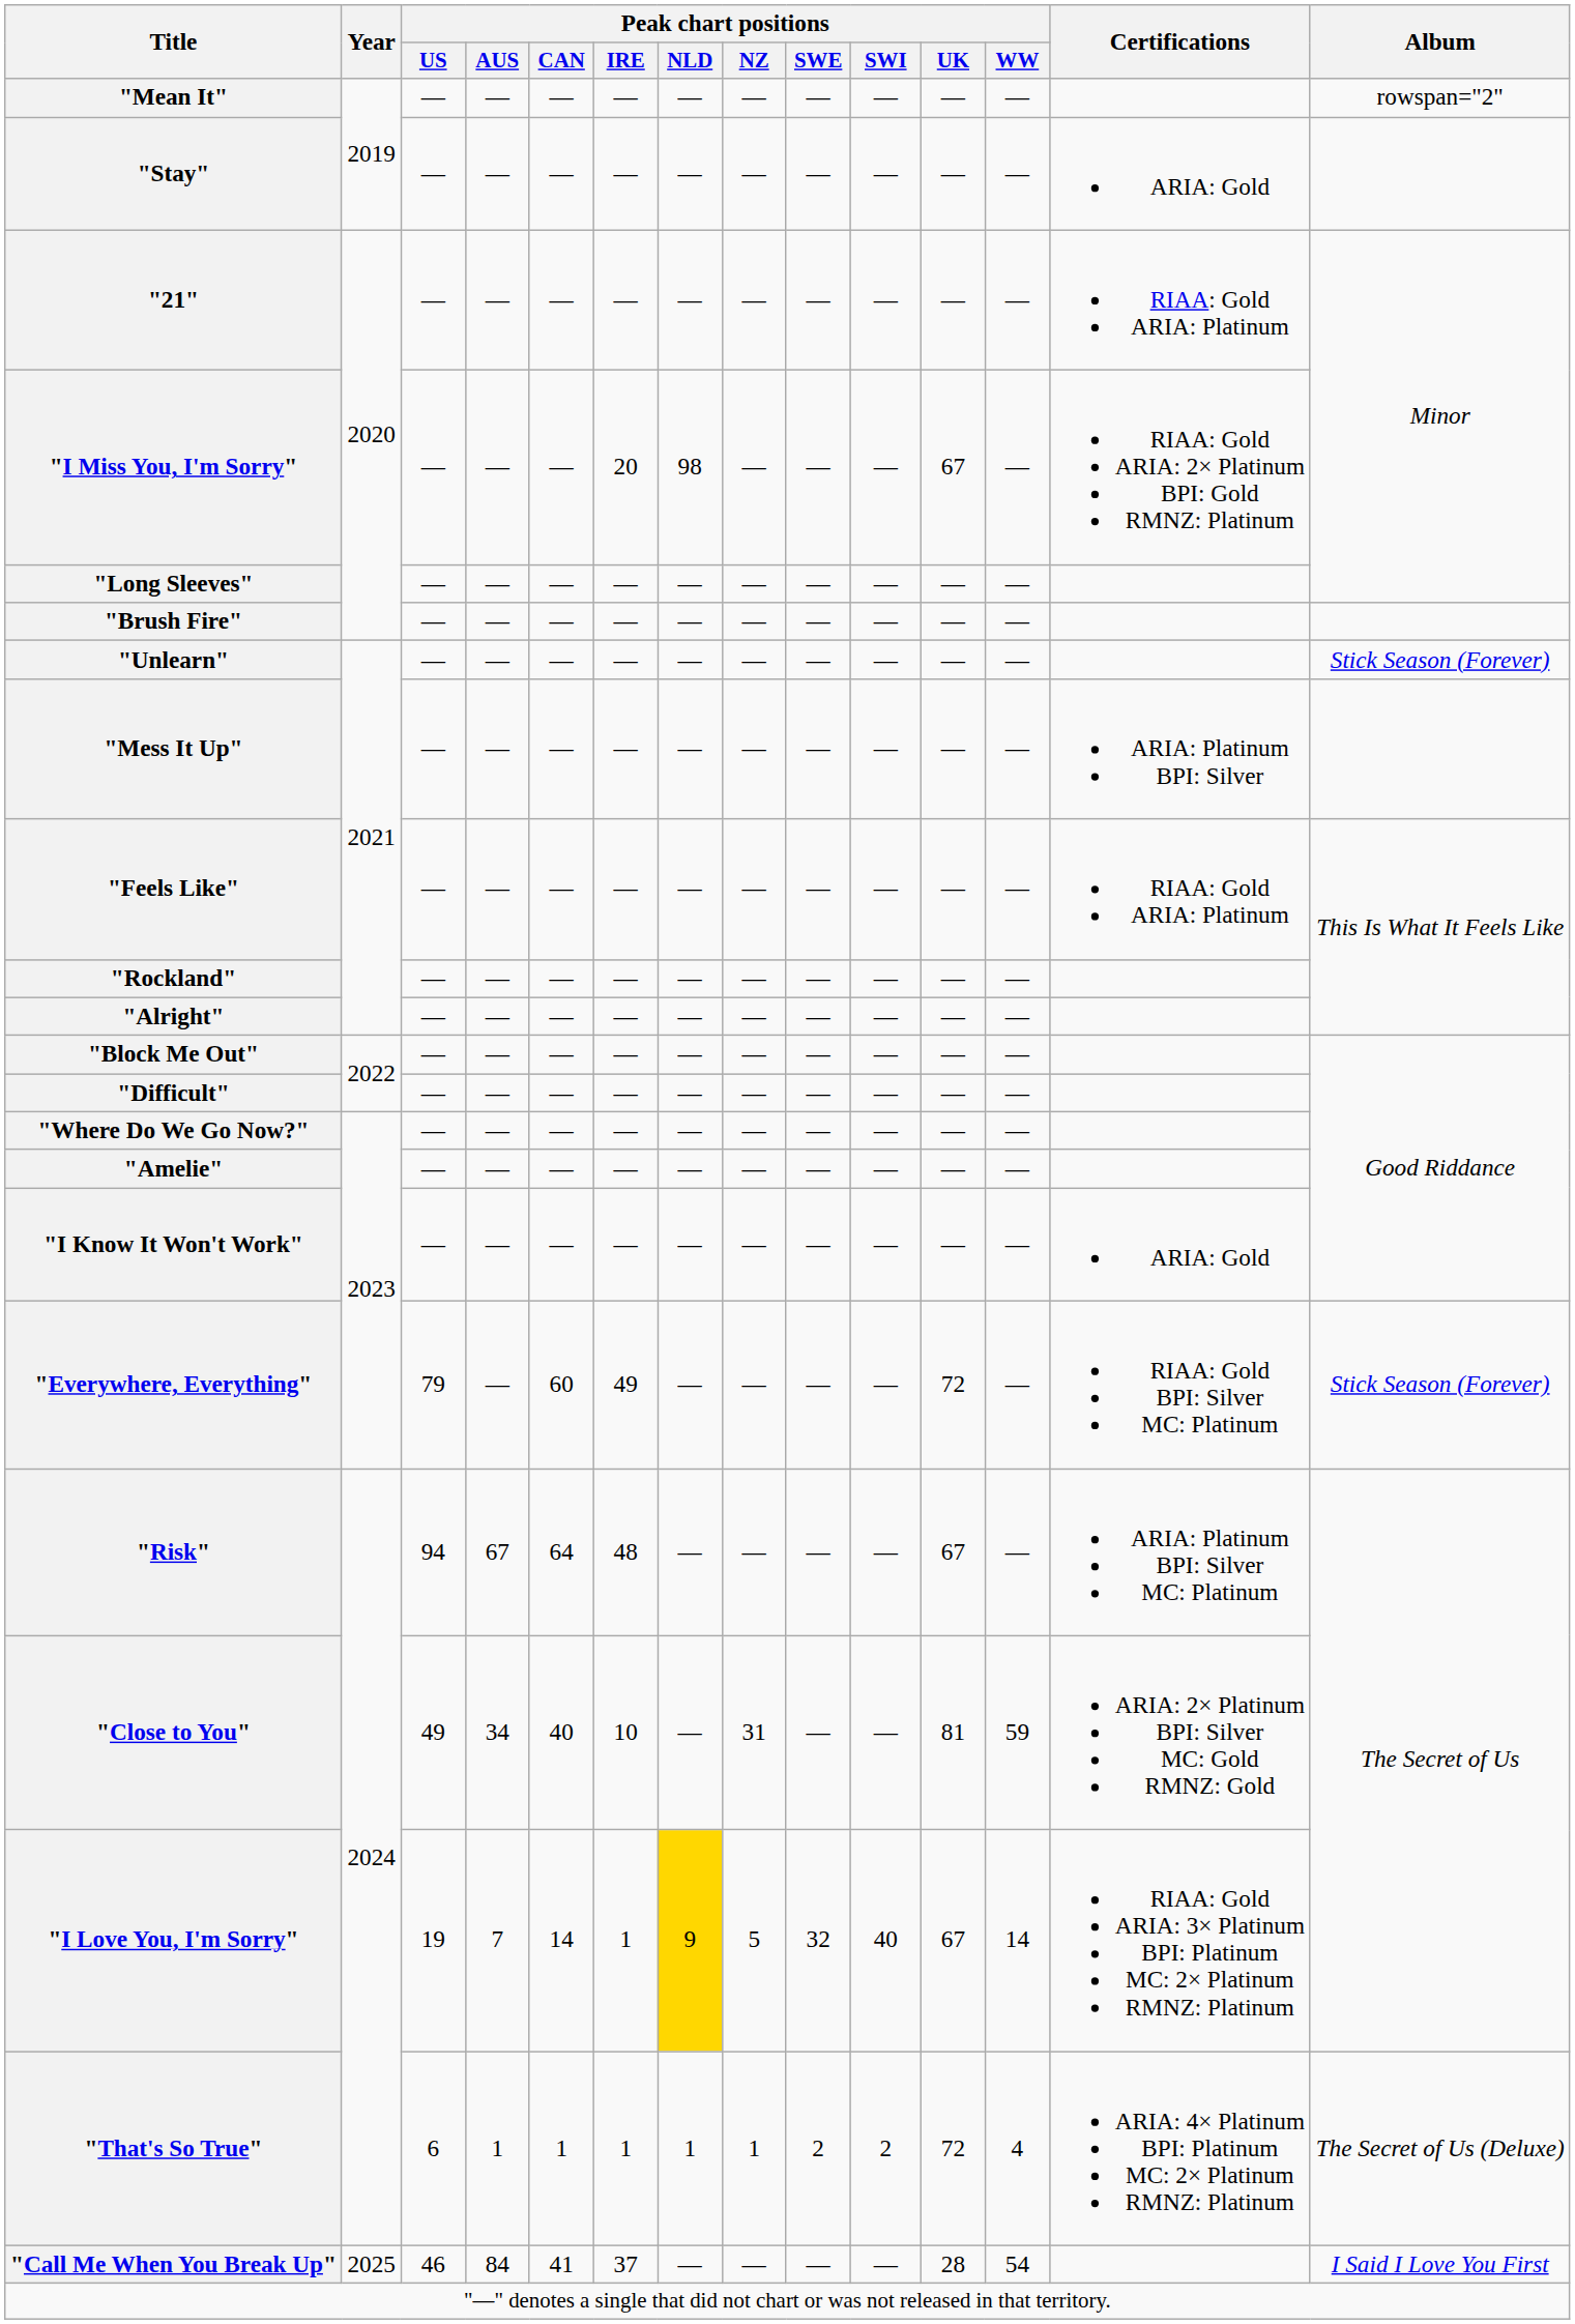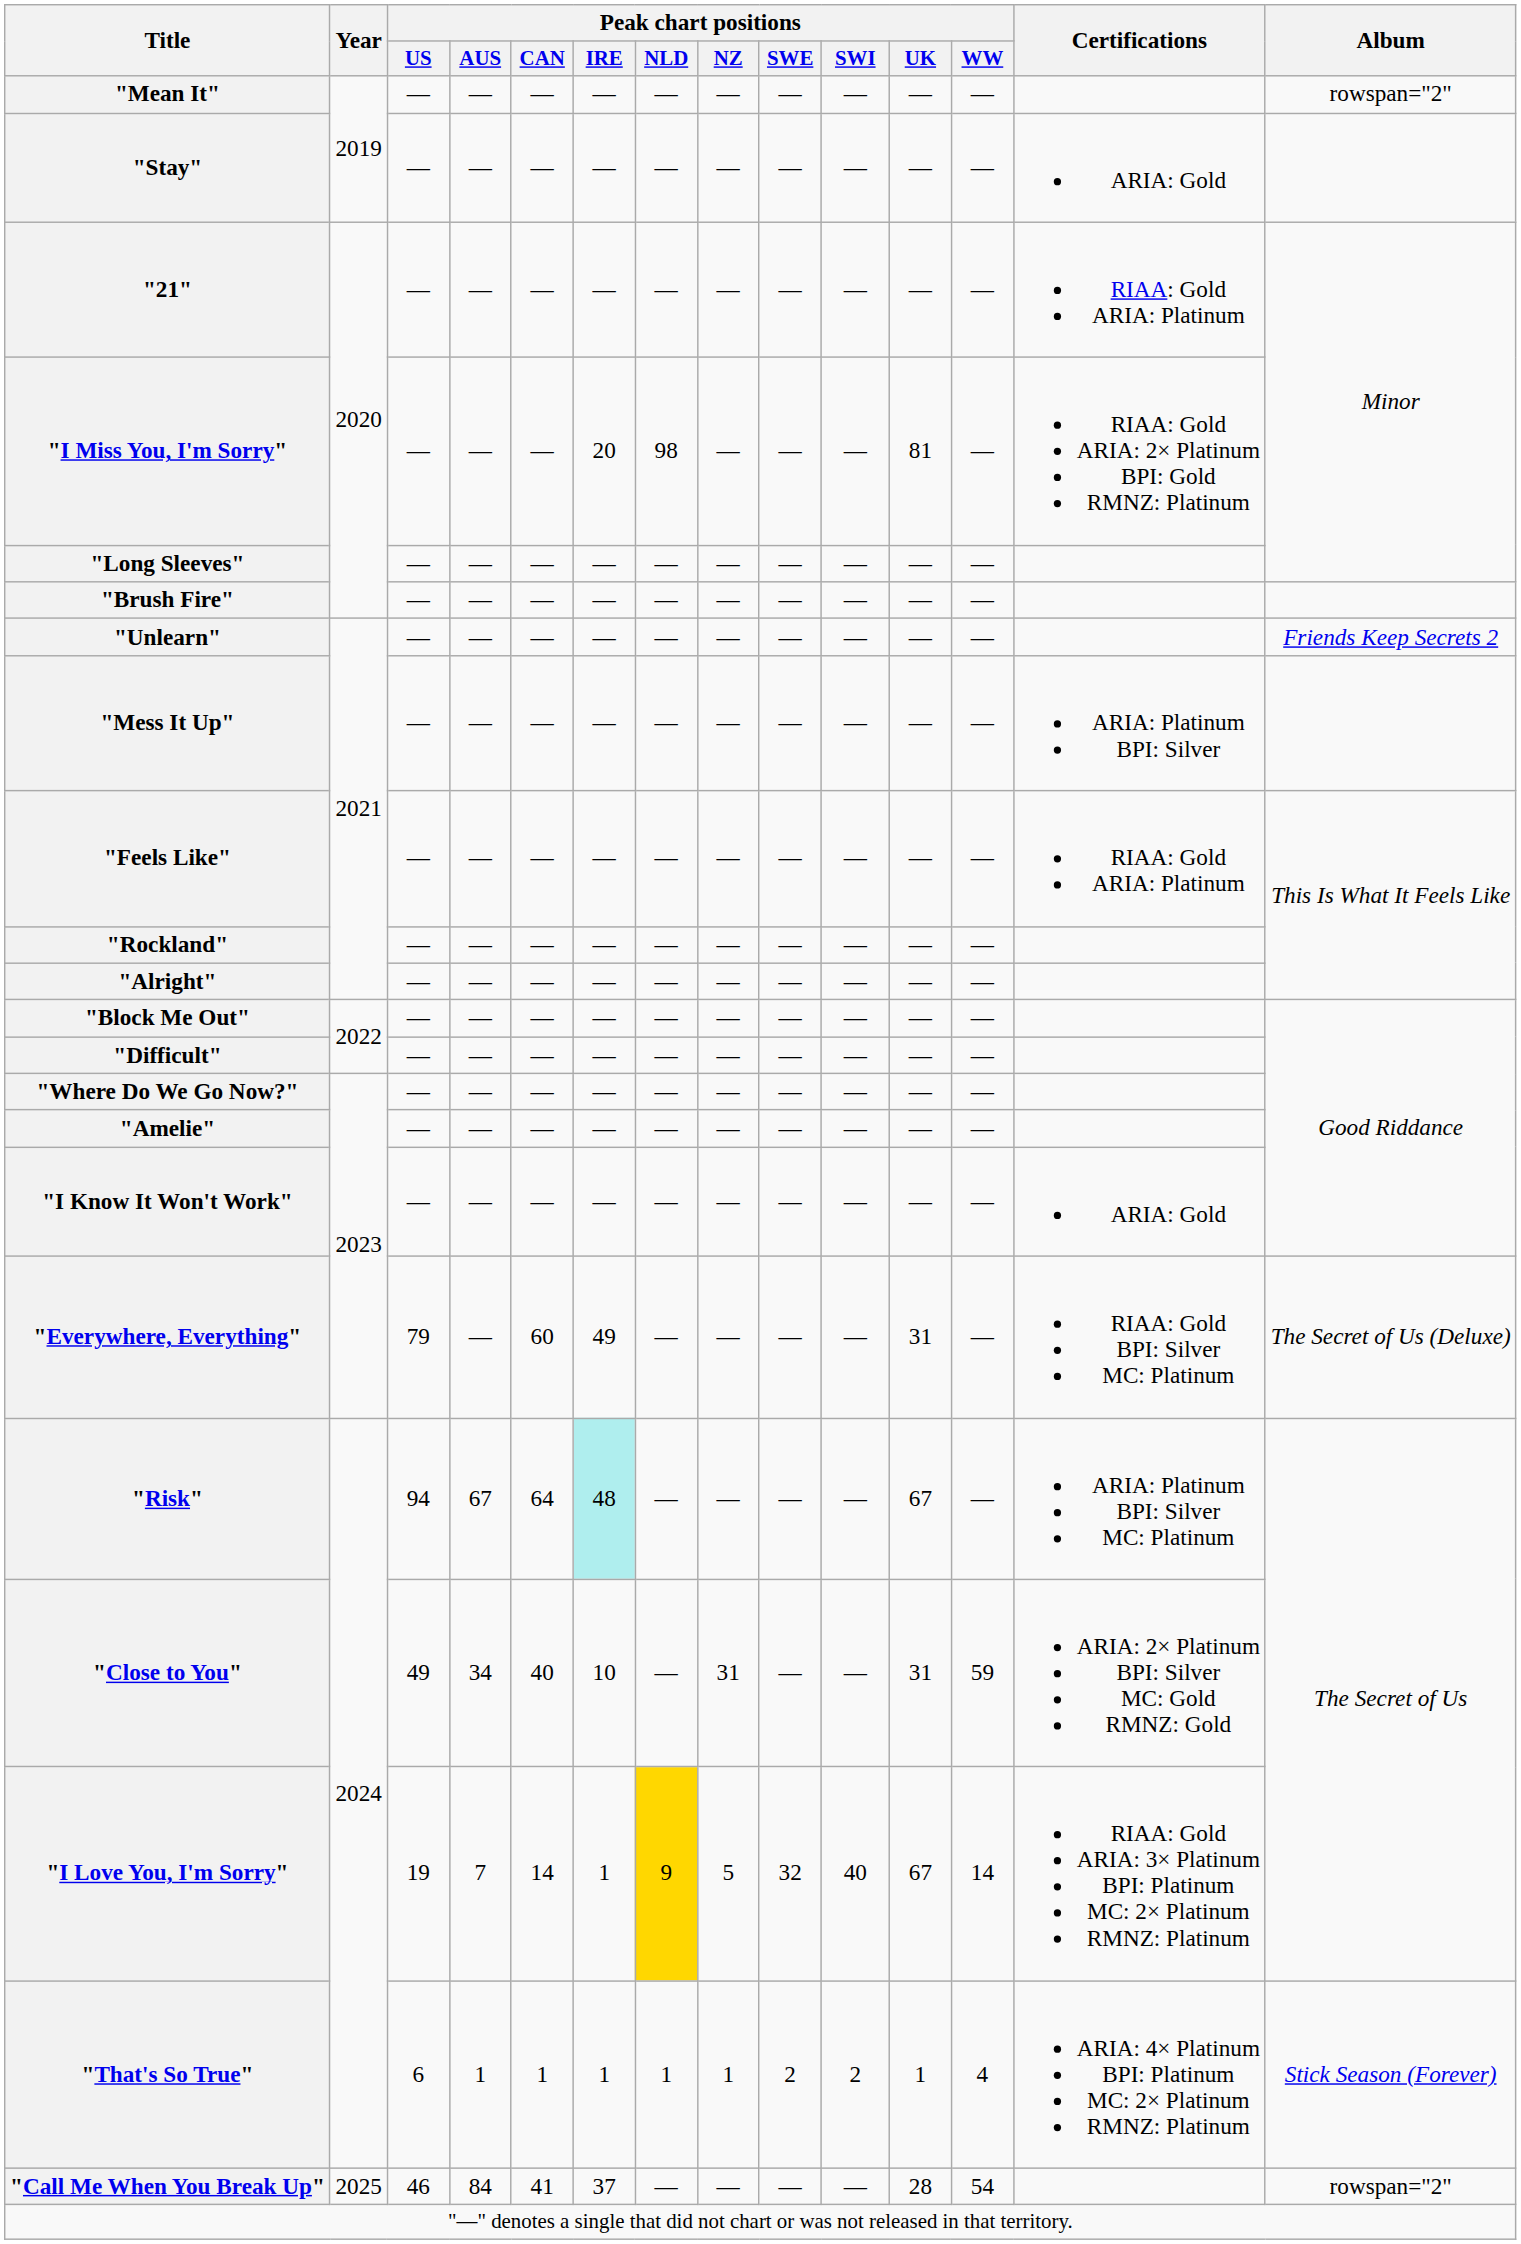 <table class="wikitable plainrowheaders" style="text-align:center">
 <tr>
 <th scope="col" rowspan="2">Title</th>
 <th scope="col" rowspan="2">Year</th>
 <th scope="col" colspan="10">Peak chart positions</th>
 <th scope="col" rowspan="2">Certifications</th>
 <th scope="col" rowspan="2">Album</th>
 </tr>
 <tr>
 <th scope="col" style="width:2.5em;font-size:90%;"><a href='#'>US</a><br></th>
 <th scope="col" style="width:2.5em;font-size:90%;"><a href='#'>AUS</a><br></th>
 <th scope="col" style="width:2.5em;font-size:90%;"><a href='#'>CAN</a><br></th>
 <th scope="col" style="width:2.5em;font-size:90%;"><a href='#'>IRE</a><br></th>
 <th scope="col" style="width:2.5em;font-size:90%;"><a href='#'>NLD</a><br></th>
 <th scope="col" style="width:2.5em;font-size:90%;"><a href='#'>NZ</a><br></th>
 <th scope="col" style="width:2.5em;font-size:90%;"><a href='#'>SWE</a><br></th>
 <th scope="col" style="width:2.8em;font-size:90%;"><a href='#'>SWI</a><br></th>
 <th scope="col" style="width:2.5em;font-size:90%;"><a href='#'>UK</a><br></th>
 <th scope="col" style="width:2.5em;font-size:90%;"><a href='#'>WW</a><br></th>
 </tr>
 <tr>
 <th scope="row">"Mean It"</th>
 <td rowspan="2">2019</td>
 <td>—</td>
 <td>—</td>
 <td>—</td>
 <td>—</td>
 <td>—</td>
 <td>—</td>
 <td>—</td>
 <td>—</td>
 <td>—</td>
 <td>—</td>
 <td></td>
 <td>rowspan="2" </td>
 </tr>
 <tr>
 <th scope="row">"Stay"</th>
 <td>—</td>
 <td>—</td>
 <td>—</td>
 <td>—</td>
 <td>—</td>
 <td>—</td>
 <td>—</td>
 <td>—</td>
 <td>—</td>
 <td>—</td>
 <td><br><ul><li>ARIA: Gold</li></ul></td>
 </tr>
 <tr>
 <th scope="row">"21"</th>
 <td rowspan="4">2020</td>
 <td>—</td>
 <td>—</td>
 <td>—</td>
 <td>—</td>
 <td>—</td>
 <td>—</td>
 <td>—</td>
 <td>—</td>
 <td>—</td>
 <td>—</td>
 <td><br><ul><li><a href='#'>RIAA</a>: Gold</li><li>ARIA: Platinum</li></ul></td>
 <td rowspan="3"><em>Minor</em></td>
 </tr>
 <tr>
 <th scope="row">"<a href='#'>I Miss You, I'm Sorry</a>"</th>
 <td>—</td>
 <td>—</td>
 <td>—</td>
 <td>20</td>
 <td>98</td>
 <td>—</td>
 <td>—</td>
 <td>—</td>
-<td>67</td>
+<td>81</td>
 <td>—</td>
 <td><br><ul><li>RIAA: Gold</li><li>ARIA: 2× Platinum</li><li>BPI: Gold</li><li>RMNZ: Platinum</li></ul></td>
 </tr>
 <tr>
 <th scope="row">"Long Sleeves"</th>
 <td>—</td>
 <td>—</td>
 <td>—</td>
 <td>—</td>
 <td>—</td>
 <td>—</td>
 <td>—</td>
 <td>—</td>
 <td>—</td>
 <td>—</td>
 <td></td>
 </tr>
 <tr>
 <th scope="row">"Brush Fire"</th>
 <td>—</td>
 <td>—</td>
 <td>—</td>
 <td>—</td>
 <td>—</td>
 <td>—</td>
 <td>—</td>
 <td>—</td>
 <td>—</td>
 <td>—</td>
 <td></td>
 <td></td>
 </tr>
 <tr>
 <th scope="row">"Unlearn"<br></th>
 <td rowspan="5">2021</td>
 <td>—</td>
 <td>—</td>
 <td>—</td>
 <td>—</td>
 <td>—</td>
 <td>—</td>
 <td>—</td>
 <td>—</td>
 <td>—</td>
 <td>—</td>
 <td></td>
-<td><em><a href='#'>Stick Season (Forever)</a></em></td>
+<td><em><a href='#'>Friends Keep Secrets 2</a></em></td>
 </tr>
 <tr>
 <th scope="row">"Mess It Up"</th>
 <td>—</td>
 <td>—</td>
 <td>—</td>
 <td>—</td>
 <td>—</td>
 <td>—</td>
 <td>—</td>
 <td>—</td>
 <td>—</td>
 <td>—</td>
 <td><br><ul><li>ARIA: Platinum</li><li>BPI: Silver</li></ul></td>
 <td></td>
 </tr>
 <tr>
 <th scope="row">"Feels Like"</th>
 <td>—</td>
 <td>—</td>
 <td>—</td>
 <td>—</td>
 <td>—</td>
 <td>—</td>
 <td>—</td>
 <td>—</td>
 <td>—</td>
 <td>—</td>
 <td><br><ul><li>RIAA: Gold</li><li>ARIA: Platinum</li></ul></td>
 <td rowspan="3"><em>This Is What It Feels Like</em></td>
 </tr>
 <tr>
 <th scope="row">"Rockland"</th>
 <td>—</td>
 <td>—</td>
 <td>—</td>
 <td>—</td>
 <td>—</td>
 <td>—</td>
 <td>—</td>
 <td>—</td>
 <td>—</td>
 <td>—</td>
 <td></td>
 </tr>
 <tr>
 <th scope="row">"Alright"</th>
 <td>—</td>
 <td>—</td>
 <td>—</td>
 <td>—</td>
 <td>—</td>
 <td>—</td>
 <td>—</td>
 <td>—</td>
 <td>—</td>
 <td>—</td>
 <td></td>
 </tr>
 <tr>
 <th scope="row">"Block Me Out"</th>
 <td rowspan="2">2022</td>
 <td>—</td>
 <td>—</td>
 <td>—</td>
 <td>—</td>
 <td>—</td>
 <td>—</td>
 <td>—</td>
 <td>—</td>
 <td>—</td>
 <td>—</td>
 <td></td>
 <td rowspan="5"><em>Good Riddance</em></td>
 </tr>
 <tr>
 <th scope="row">"Difficult"</th>
 <td>—</td>
 <td>—</td>
 <td>—</td>
 <td>—</td>
 <td>—</td>
 <td>—</td>
 <td>—</td>
 <td>—</td>
 <td>—</td>
 <td>—</td>
 <td></td>
 </tr>
 <tr>
 <th scope="row">"Where Do We Go Now?"</th>
 <td rowspan="4">2023</td>
 <td>—</td>
 <td>—</td>
 <td>—</td>
 <td>—</td>
 <td>—</td>
 <td>—</td>
 <td>—</td>
 <td>—</td>
 <td>—</td>
 <td>—</td>
 <td></td>
 </tr>
 <tr>
 <th scope="row">"Amelie"</th>
 <td>—</td>
 <td>—</td>
 <td>—</td>
 <td>—</td>
 <td>—</td>
 <td>—</td>
 <td>—</td>
 <td>—</td>
 <td>—</td>
 <td>—</td>
 <td></td>
 </tr>
 <tr>
 <th scope="row">"I Know It Won't Work"</th>
 <td>—</td>
 <td>—</td>
 <td>—</td>
 <td>—</td>
 <td>—</td>
 <td>—</td>
 <td>—</td>
 <td>—</td>
 <td>—</td>
 <td>—</td>
 <td><br><ul><li>ARIA: Gold</li></ul></td>
 </tr>
 <tr>
 <th scope="row">"<a href='#'>Everywhere, Everything</a>"<br></th>
 <td>79</td>
 <td>—</td>
 <td>60</td>
 <td>49</td>
 <td>—</td>
 <td>—</td>
 <td>—</td>
 <td>—</td>
-<td>72</td>
+<td>31</td>
 <td>—</td>
 <td><br><ul><li>RIAA: Gold</li><li>BPI: Silver</li><li>MC: Platinum</li></ul></td>
-<td><em><a href='#'>Stick Season (Forever)</a></em></td>
+<td><em>The Secret of Us (Deluxe)</em></td>
 </tr>
 <tr>
 <th scope="row">"<a href='#'>Risk</a>"</th>
 <td rowspan="4">2024</td>
 <td>94</td>
 <td>67</td>
 <td>64</td>
-<td>48</td>
+<td style="background: paleturquoise;">48</td>
 <td>—</td>
 <td>—</td>
 <td>—</td>
 <td>—</td>
 <td>67</td>
 <td>—</td>
 <td><br><ul><li>ARIA: Platinum</li><li>BPI: Silver</li><li>MC: Platinum</li></ul></td>
 <td rowspan="3"><em>The Secret of Us</em></td>
 </tr>
 <tr>
 <th scope="row">"<a href='#'>Close to You</a>"</th>
 <td>49</td>
 <td>34</td>
 <td>40</td>
 <td>10</td>
 <td>—</td>
 <td>31</td>
 <td>—</td>
 <td>—</td>
-<td>81</td>
+<td>31</td>
 <td>59</td>
 <td><br><ul><li>ARIA: 2× Platinum</li><li>BPI: Silver</li><li>MC: Gold</li><li>RMNZ: Gold</li></ul></td>
 </tr>
 <tr>
 <th scope="row">"<a href='#'>I Love You, I'm Sorry</a>"</th>
 <td>19</td>
 <td>7</td>
 <td>14</td>
 <td>1</td>
 <td style="background: gold;">9</td>
 <td>5</td>
 <td>32</td>
 <td>40</td>
 <td>67</td>
 <td>14</td>
 <td><br><ul><li>RIAA: Gold</li><li>ARIA: 3× Platinum</li><li>BPI: Platinum</li><li>MC: 2× Platinum</li><li>RMNZ: Platinum</li></ul></td>
 </tr>
 <tr>
 <th scope="row">"<a href='#'>That's So True</a>"</th>
 <td>6</td>
 <td>1</td>
 <td>1</td>
 <td>1</td>
 <td>1</td>
 <td>1</td>
 <td>2</td>
 <td>2</td>
-<td>72</td>
+<td>1</td>
 <td>4</td>
 <td><br><ul><li>ARIA: 4× Platinum</li><li>BPI: Platinum</li><li>MC: 2× Platinum</li><li>RMNZ: Platinum</li></ul></td>
-<td><em>The Secret of Us (Deluxe)</em></td>
+<td><em><a href='#'>Stick Season (Forever)</a></em></td>
 </tr>
 <tr>
 <th scope="row">"<a href='#'>Call Me When You Break Up</a>"<br></th>
 <td>2025</td>
 <td>46</td>
 <td>84</td>
 <td>41</td>
 <td>37</td>
 <td>—</td>
 <td>—</td>
 <td>—</td>
 <td>—</td>
 <td>28</td>
 <td>54</td>
 <td></td>
-<td><em><a href='#'>I Said I Love You First</a></em></td>
+<td>rowspan="2" </td>
 </tr>
 <tr>
 <td colspan="15" style="font-size:90%">"—" denotes a single that did not chart or was not released in that territory.</td>
 </tr>
 </table>
